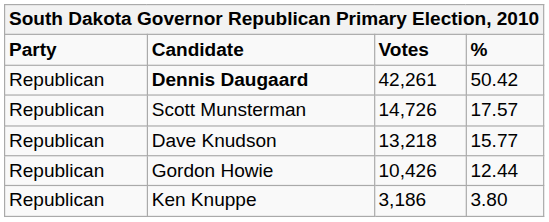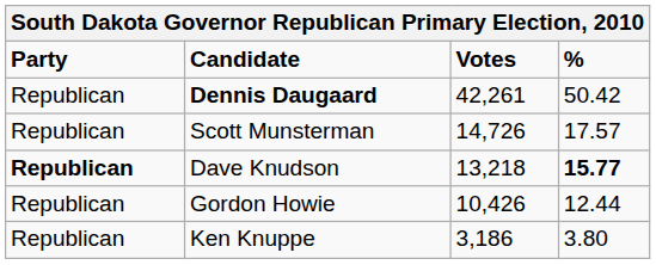 <table class="wikitable">
 <tr>
 <th colspan="4">South Dakota Governor Republican Primary Election, 2010</th>
 </tr>
 <tr>
 <td><strong>Party</strong></td>
 <td><strong>Candidate</strong></td>
 <td><strong>Votes</strong></td>
 <td><strong>%</strong></td>
 </tr>
 <tr>
 <td>Republican</td>
 <td><strong>Dennis Daugaard</strong></td>
 <td>42,261</td>
 <td>50.42</td>
 </tr>
 <tr>
 <td>Republican</td>
 <td>Scott Munsterman</td>
 <td>14,726</td>
 <td>17.57</td>
 </tr>
 <tr>
-<td>Republican</td>
+<td><strong>Republican</strong></td>
 <td>Dave Knudson</td>
 <td>13,218</td>
-<td>15.77</td>
+<td><strong>15.77</strong></td>
 </tr>
 <tr>
 <td>Republican</td>
 <td>Gordon Howie</td>
 <td>10,426</td>
 <td>12.44</td>
 </tr>
 <tr>
 <td>Republican</td>
 <td>Ken Knuppe</td>
 <td>3,186</td>
 <td>3.80</td>
 </tr>
 </table>
